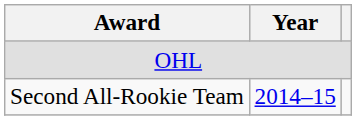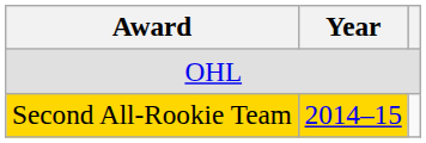 <table class="wikitable">
 <tr>
 <th>Award</th>
 <th>Year</th>
 <th></th>
 </tr>
 <tr ALIGN="center" bgcolor="#e0e0e0">
 <td colspan="3"><a href='#'>OHL</a></td>
 </tr>
 <tr>
-<td>Second All-Rookie Team</td>
-<td><a href='#'>2014–15</a></td>
+<td style="background: gold;">Second All-Rookie Team</td>
+<td style="background: gold;"><a href='#'>2014–15</a></td>
 <td></td>
 </tr>
 </table>
